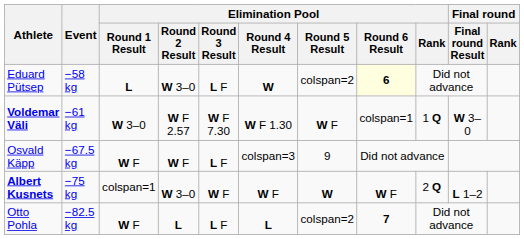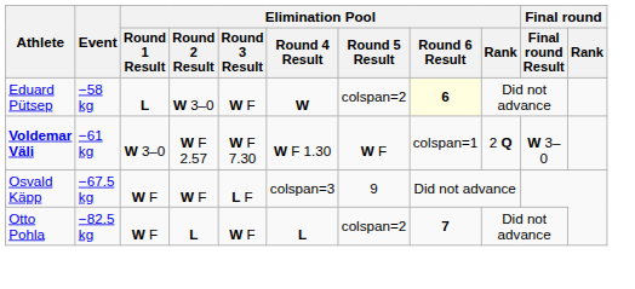 <table class="wikitable" style="font-size:90%">
 <tr>
 <th rowspan="2">Athlete</th>
 <th rowspan="2">Event</th>
 <th colspan=7>Elimination Pool</th>
 <th colspan=2>Final round</th>
 </tr>
 <tr style="font-size: 95%">
 <th>Round 1<br>Result</th>
 <th>Round 2<br>Result</th>
 <th>Round 3<br>Result</th>
 <th>Round 4<br>Result</th>
 <th>Round 5<br>Result</th>
 <th>Round 6<br>Result</th>
 <th>Rank</th>
 <th>Final round<br>Result</th>
 <th>Rank</th>
 </tr>
 <tr align=center>
 <td align=left><a href='#'>Eduard Pütsep</a></td>
 <td align=left><a href='#'>−58 kg</a></td>
 <td><br><strong>L</strong></td>
 <td><br><strong>W</strong> 3–0</td>
-<td><br><strong>L</strong> F</td>
+<td><br><strong>W</strong> F</td>
 <td><br><strong>W</strong></td>
 <td>colspan=2 </td>
 <td style="background: lightyellow;"><strong>6</strong></td>
 <td colspan=2>Did not advance</td>
 </tr>
 <tr align=center>
 <td align=left><strong><a href='#'>Voldemar Väli</a></strong></td>
 <td align=left><a href='#'>−61 kg</a></td>
 <td><br><strong>W</strong> 3–0</td>
 <td><br><strong>W</strong> F 2.57</td>
 <td><br><strong>W</strong> F 7.30</td>
 <td><br><strong>W</strong> F 1.30</td>
 <td><br><strong>W</strong> F</td>
 <td>colspan=1 </td>
-<td>1 <strong>Q</strong></td>
+<td>2 <strong>Q</strong></td>
 <td><br><strong>W</strong> 3–0</td>
 <td></td>
 </tr>
 <tr align=center>
 <td align=left><a href='#'>Osvald Käpp</a></td>
 <td align=left><a href='#'>−67.5 kg</a></td>
 <td><br><strong>W</strong> F</td>
 <td><br><strong>W</strong> F</td>
 <td><br><strong>L</strong> F</td>
 <td>colspan=3 </td>
 <td>9</td>
 <td colspan=2>Did not advance</td>
 </tr>
 <tr align=center>
-<td align=left><strong><a href='#'>Albert Kusnets</a></strong></td>
-<td align=left><a href='#'>−75 kg</a></td>
-<td>colspan=1 </td>
-<td><br><strong>W</strong> 3–0</td>
-<td><br><strong>W</strong> F</td>
-<td><br><strong>W</strong> F</td>
-<td><br><strong>W</strong></td>
-<td><br><strong>W</strong> F</td>
-<td>2 <strong>Q</strong></td>
-<td><br><strong>L</strong> 1–2</td>
-<td></td>
-</tr>
-<tr align=center>
 <td align=left><a href='#'>Otto Pohla</a></td>
 <td align=left><a href='#'>−82.5 kg</a></td>
 <td><br><strong>W</strong> F</td>
 <td><br><strong>L</strong></td>
-<td><br><strong>L</strong> F</td>
+<td><br><strong>W</strong> F</td>
 <td><br><strong>L</strong></td>
 <td>colspan=2 </td>
 <td><strong>7</strong></td>
 <td colspan=2>Did not advance</td>
 </tr>
 </table>
